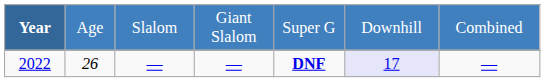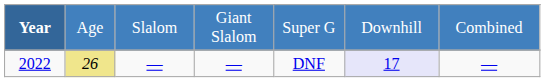 <table class="wikitable" style="font-size:95%; text-align:center; border:grey solid 1px; border-collapse:collapse;" width="40%">
 <tr style="background-color:#369; color:white;">
 <td rowspan="2" colspan="1" width="4%"><strong>Year</strong></td>
 </tr>
 <tr style="background-color:#4180be; color:white;">
 <td width="3%">Age</td>
 <td width="5%">Slalom</td>
 <td width="5%">Giant<br>Slalom</td>
 <td width="5%">Super G</td>
 <td width="5%">Downhill</td>
 <td width="5%">Combined</td>
 </tr>
 <tr style="background-color:#8CB2D8; color:white;">
 </tr>
 <tr>
 <td><a href='#'>2022</a></td>
-<td><em>26</em></td>
+<td style="background: khaki;"><em>26</em></td>
 <td><a href='#'>—</a></td>
 <td><a href='#'>—</a></td>
-<td><strong><a href='#'>DNF</a></strong></td>
+<td><a href='#'>DNF</a></td>
 <td style="background: lavender;"><a href='#'>17</a></td>
 <td><a href='#'>—</a></td>
 </tr>
 </table>
